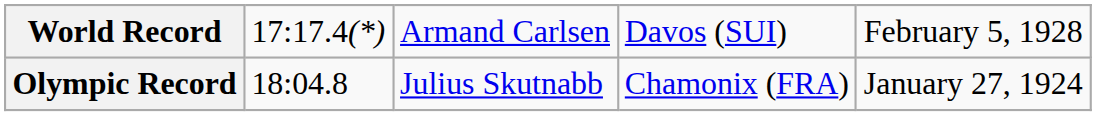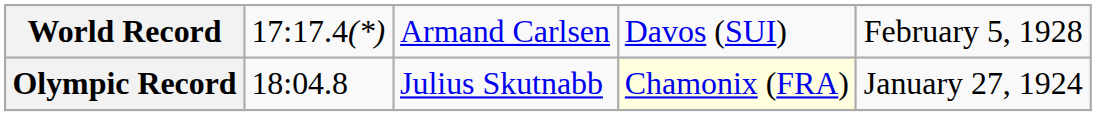 <table class="wikitable" style="font-size:95%;">
 <tr>
 <th>World Record</th>
 <td>17:17.4<em>(*)</em></td>
 <td> <a href='#'>Armand Carlsen</a></td>
 <td><a href='#'>Davos</a> (<a href='#'>SUI</a>)</td>
 <td>February 5, 1928</td>
 </tr>
 <tr>
 <th>Olympic Record</th>
 <td>18:04.8</td>
 <td> <a href='#'>Julius Skutnabb</a></td>
-<td><a href='#'>Chamonix</a> (<a href='#'>FRA</a>)</td>
+<td style="background: lightyellow;"><a href='#'>Chamonix</a> (<a href='#'>FRA</a>)</td>
 <td>January 27, 1924</td>
 </tr>
 </table>
